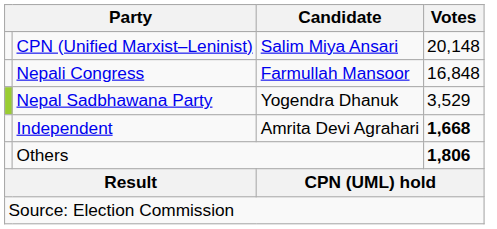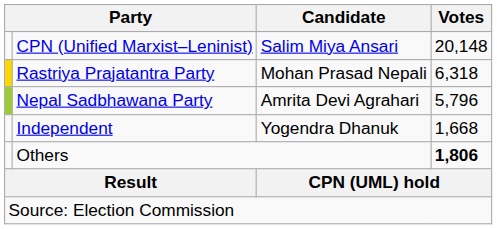 <table class="wikitable">
 <tr>
 <th colspan="2">Party</th>
 <th>Candidate</th>
 <th>Votes</th>
 </tr>
 <tr>
 <td style="background-color:"></td>
 <td><a href='#'>CPN (Unified Marxist–Leninist)</a></td>
 <td><a href='#'>Salim Miya Ansari</a></td>
 <td>20,148</td>
 </tr>
 <tr>
-<td style="background-color:"></td>
-<td><a href='#'>Nepali Congress</a></td>
-<td><a href='#'>Farmullah Mansoor</a></td>
-<td>16,848</td>
+<td style="background-color:gold"></td>
+<td><a href='#'>Rastriya Prajatantra Party</a></td>
+<td>Mohan Prasad Nepali</td>
+<td>6,318</td>
 </tr>
 <tr>
 <td style="background-color:yellowgreen"></td>
 <td><a href='#'>Nepal Sadbhawana Party</a></td>
-<td>Yogendra Dhanuk</td>
-<td>3,529</td>
+<td>Amrita Devi Agrahari</td>
+<td>5,796</td>
 </tr>
 <tr>
 <td style="background-color:"></td>
 <td><a href='#'>Independent</a></td>
-<td>Amrita Devi Agrahari</td>
-<td><strong>1,668</strong></td>
+<td>Yogendra Dhanuk</td>
+<td>1,668</td>
 </tr>
 <tr>
 <td></td>
 <td colspan="2">Others</td>
 <td><strong>1,806</strong></td>
 </tr>
 <tr>
 <th colspan="2">Result</th>
 <th colspan="2">CPN (UML) hold</th>
 </tr>
 <tr>
 <td colspan="4">Source: Election Commission</td>
 </tr>
 </table>
